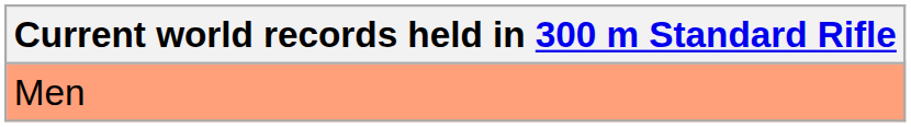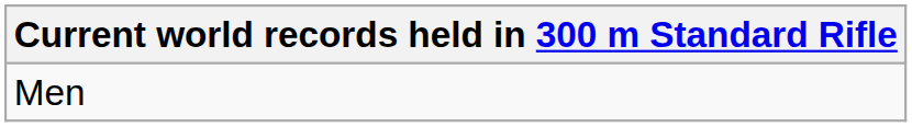 <table class="wikitable" style="font-size: 95%">
 <tr>
 <th colspan=9>Current world records held in <a href='#'>300 m Standard Rifle</a></th>
 </tr>
 <tr>
-<td style="background: lightsalmon;">Men<br></td>
+<td>Men<br></td>
 </tr>
 </table>
